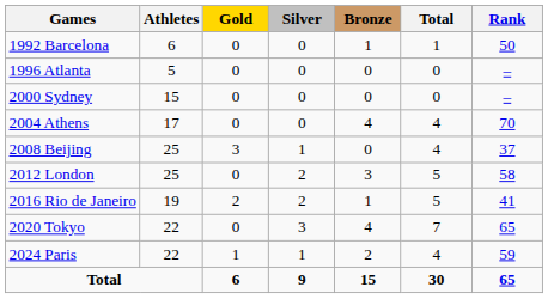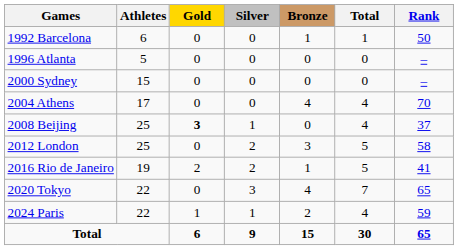 <table class="wikitable" style="text-align:center; font-size:90%;">
 <tr>
 <th>Games</th>
 <th>Athletes</th>
 <td style="background:gold; width:3.7em; font-weight:bold;">Gold</td>
 <td style="background:silver; width:3.7em; font-weight:bold;">Silver</td>
 <td style="background:#cc9966; width:3.7em; font-weight:bold;">Bronze</td>
 <th style="width:4em; font-weight:bold;">Total</th>
 <th style="width:4em; font-weight:bold;"><a href='#'>Rank</a></th>
 </tr>
 <tr>
 <td align=left> <a href='#'>1992 Barcelona</a></td>
 <td>6</td>
 <td>0</td>
 <td>0</td>
 <td>1</td>
 <td>1</td>
 <td><a href='#'>50</a></td>
 </tr>
 <tr>
 <td align=left> <a href='#'>1996 Atlanta</a></td>
 <td>5</td>
 <td>0</td>
 <td>0</td>
 <td>0</td>
 <td>0</td>
 <td><a href='#'>–</a></td>
 </tr>
 <tr>
 <td align=left> <a href='#'>2000 Sydney</a></td>
 <td>15</td>
 <td>0</td>
 <td>0</td>
 <td>0</td>
 <td>0</td>
 <td><a href='#'>–</a></td>
 </tr>
 <tr>
 <td align=left> <a href='#'>2004 Athens</a></td>
 <td>17</td>
 <td>0</td>
 <td>0</td>
 <td>4</td>
 <td>4</td>
 <td><a href='#'>70</a></td>
 </tr>
 <tr>
 <td align=left> <a href='#'>2008 Beijing</a></td>
 <td>25</td>
-<td>3</td>
+<td><strong>3</strong></td>
 <td>1</td>
 <td>0</td>
 <td>4</td>
 <td><a href='#'>37</a></td>
 </tr>
 <tr>
 <td align=left> <a href='#'>2012 London</a></td>
 <td>25</td>
 <td>0</td>
 <td>2</td>
 <td>3</td>
 <td>5</td>
 <td><a href='#'>58</a></td>
 </tr>
 <tr>
 <td align=left> <a href='#'>2016 Rio de Janeiro</a></td>
 <td>19</td>
 <td>2</td>
 <td>2</td>
 <td>1</td>
 <td>5</td>
 <td><a href='#'>41</a></td>
 </tr>
 <tr>
 <td align=left> <a href='#'>2020 Tokyo</a></td>
 <td>22</td>
 <td>0</td>
 <td>3</td>
 <td>4</td>
 <td>7</td>
 <td><a href='#'>65</a></td>
 </tr>
 <tr>
 <td align=left> <a href='#'>2024 Paris</a></td>
 <td>22</td>
 <td>1</td>
 <td>1</td>
 <td>2</td>
 <td>4</td>
 <td><a href='#'>59</a></td>
 </tr>
 <tr>
 <td colspan=2><strong>Total</strong></td>
 <td><strong>6</strong></td>
 <td><strong>9</strong></td>
 <td><strong>15</strong></td>
 <td><strong>30</strong></td>
 <td><strong><a href='#'>65</a></strong></td>
 </tr>
 </table>
